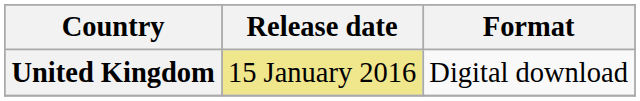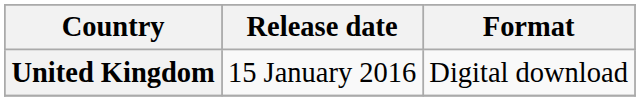 <table class="wikitable plainrowheaders">
 <tr>
 <th scope="col">Country</th>
 <th scope="col">Release date</th>
 <th scope="col">Format</th>
 </tr>
 <tr>
 <th scope="row">United Kingdom</th>
-<td style="background: khaki;">15 January 2016</td>
+<td>15 January 2016</td>
 <td>Digital download</td>
 </tr>
 <tr>
 </tr>
 </table>
